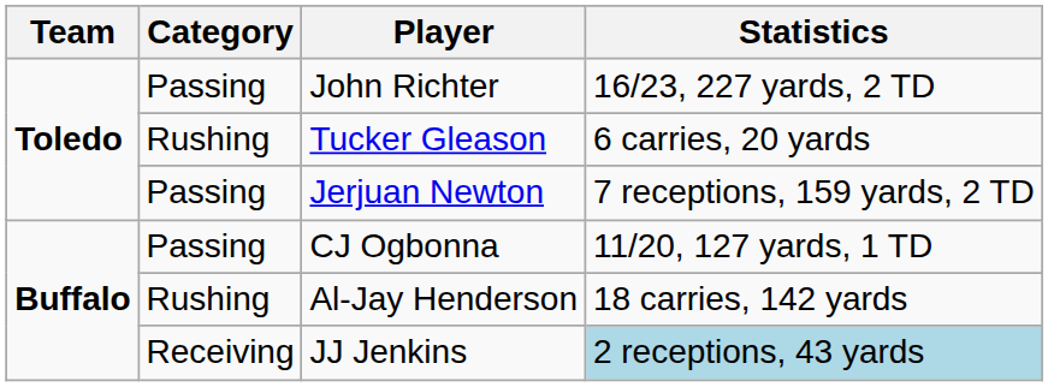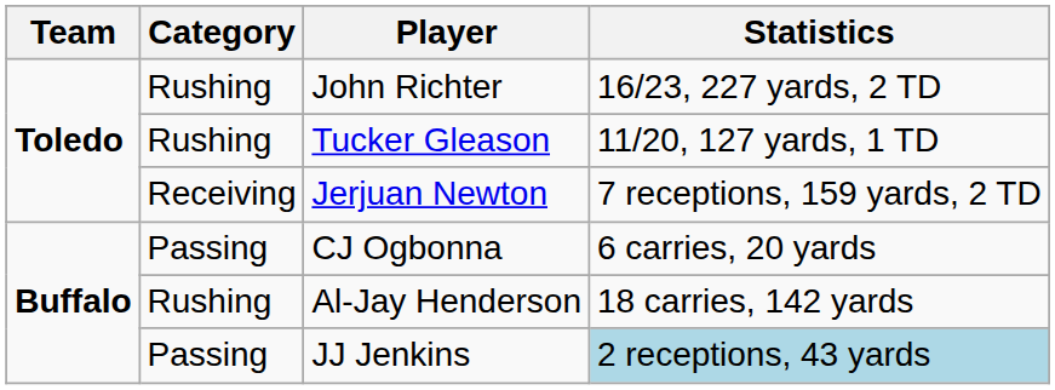 <table class="wikitable" style="float: right;">
 <tr>
 <th>Team</th>
 <th>Category</th>
 <th>Player</th>
 <th>Statistics</th>
 </tr>
 <tr>
 <td rowspan=3><strong>Toledo</strong></td>
-<td>Passing</td>
+<td>Rushing</td>
 <td>John Richter</td>
 <td>16/23, 227 yards, 2 TD</td>
 </tr>
 <tr>
 <td>Rushing</td>
 <td><a href='#'>Tucker Gleason</a></td>
-<td>6 carries, 20 yards</td>
+<td>11/20, 127 yards, 1 TD</td>
 </tr>
 <tr>
-<td>Passing</td>
+<td>Receiving</td>
 <td><a href='#'>Jerjuan Newton</a></td>
 <td>7 receptions, 159 yards, 2 TD</td>
 </tr>
 <tr>
 <td rowspan=3><strong>Buffalo</strong></td>
 <td>Passing</td>
 <td>CJ Ogbonna</td>
-<td>11/20, 127 yards, 1 TD</td>
+<td>6 carries, 20 yards</td>
 </tr>
 <tr>
 <td>Rushing</td>
 <td>Al-Jay Henderson</td>
 <td>18 carries, 142 yards</td>
 </tr>
 <tr>
-<td>Receiving</td>
+<td>Passing</td>
 <td>JJ Jenkins</td>
 <td style="background: lightblue;">2 receptions, 43 yards</td>
 </tr>
 </table>
